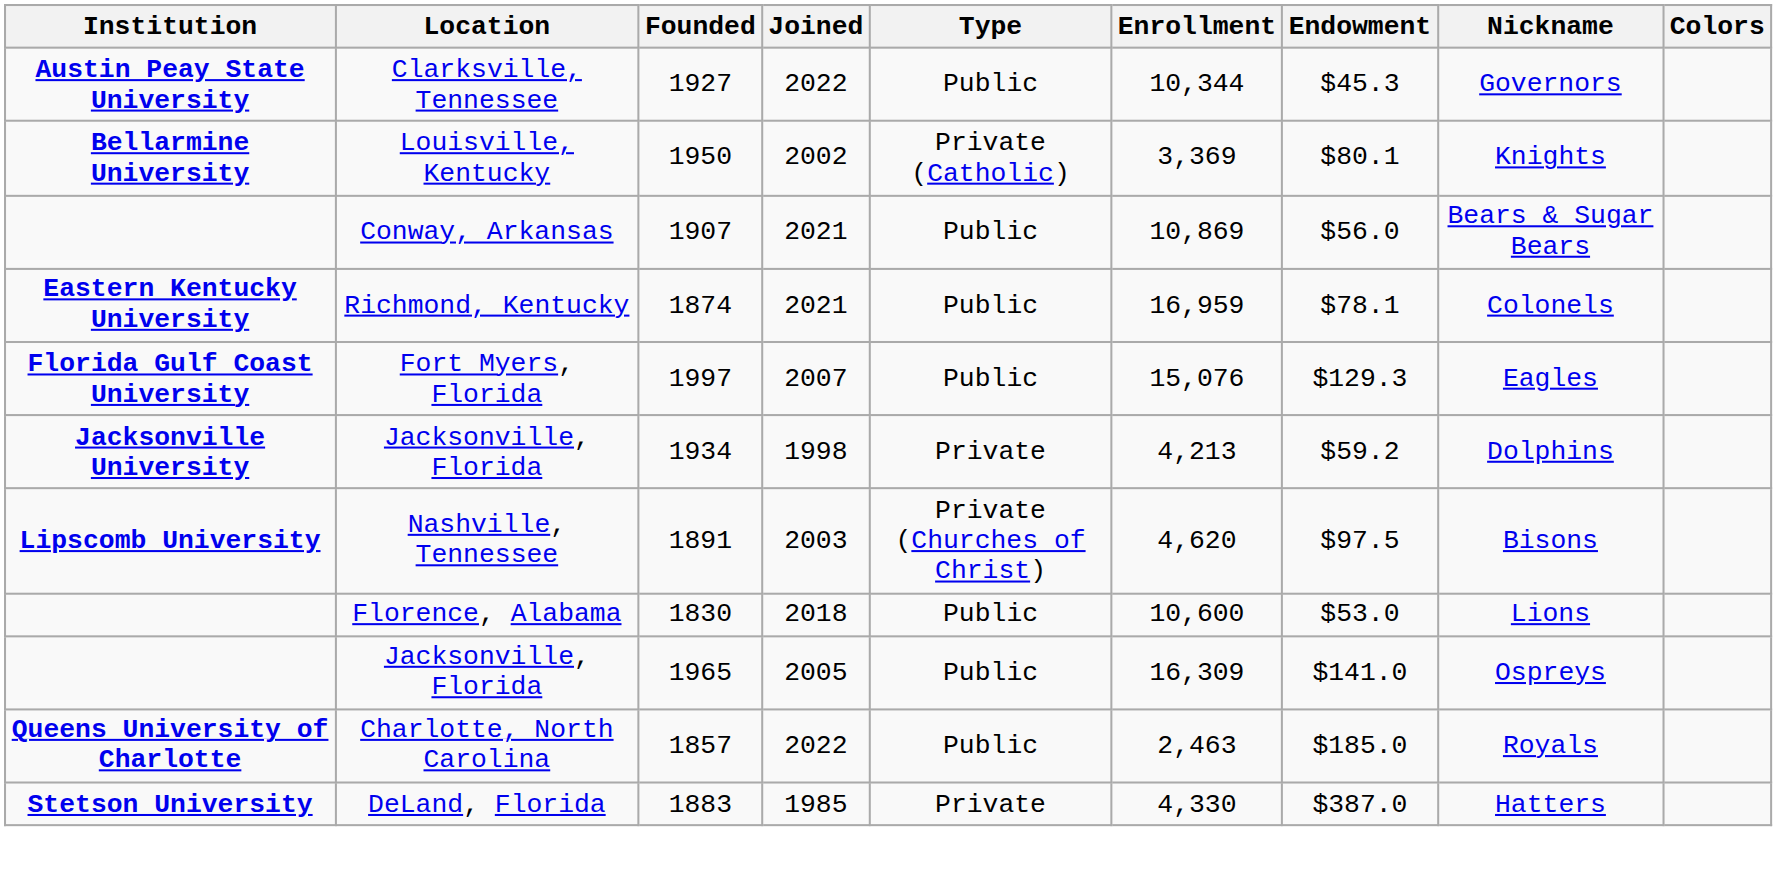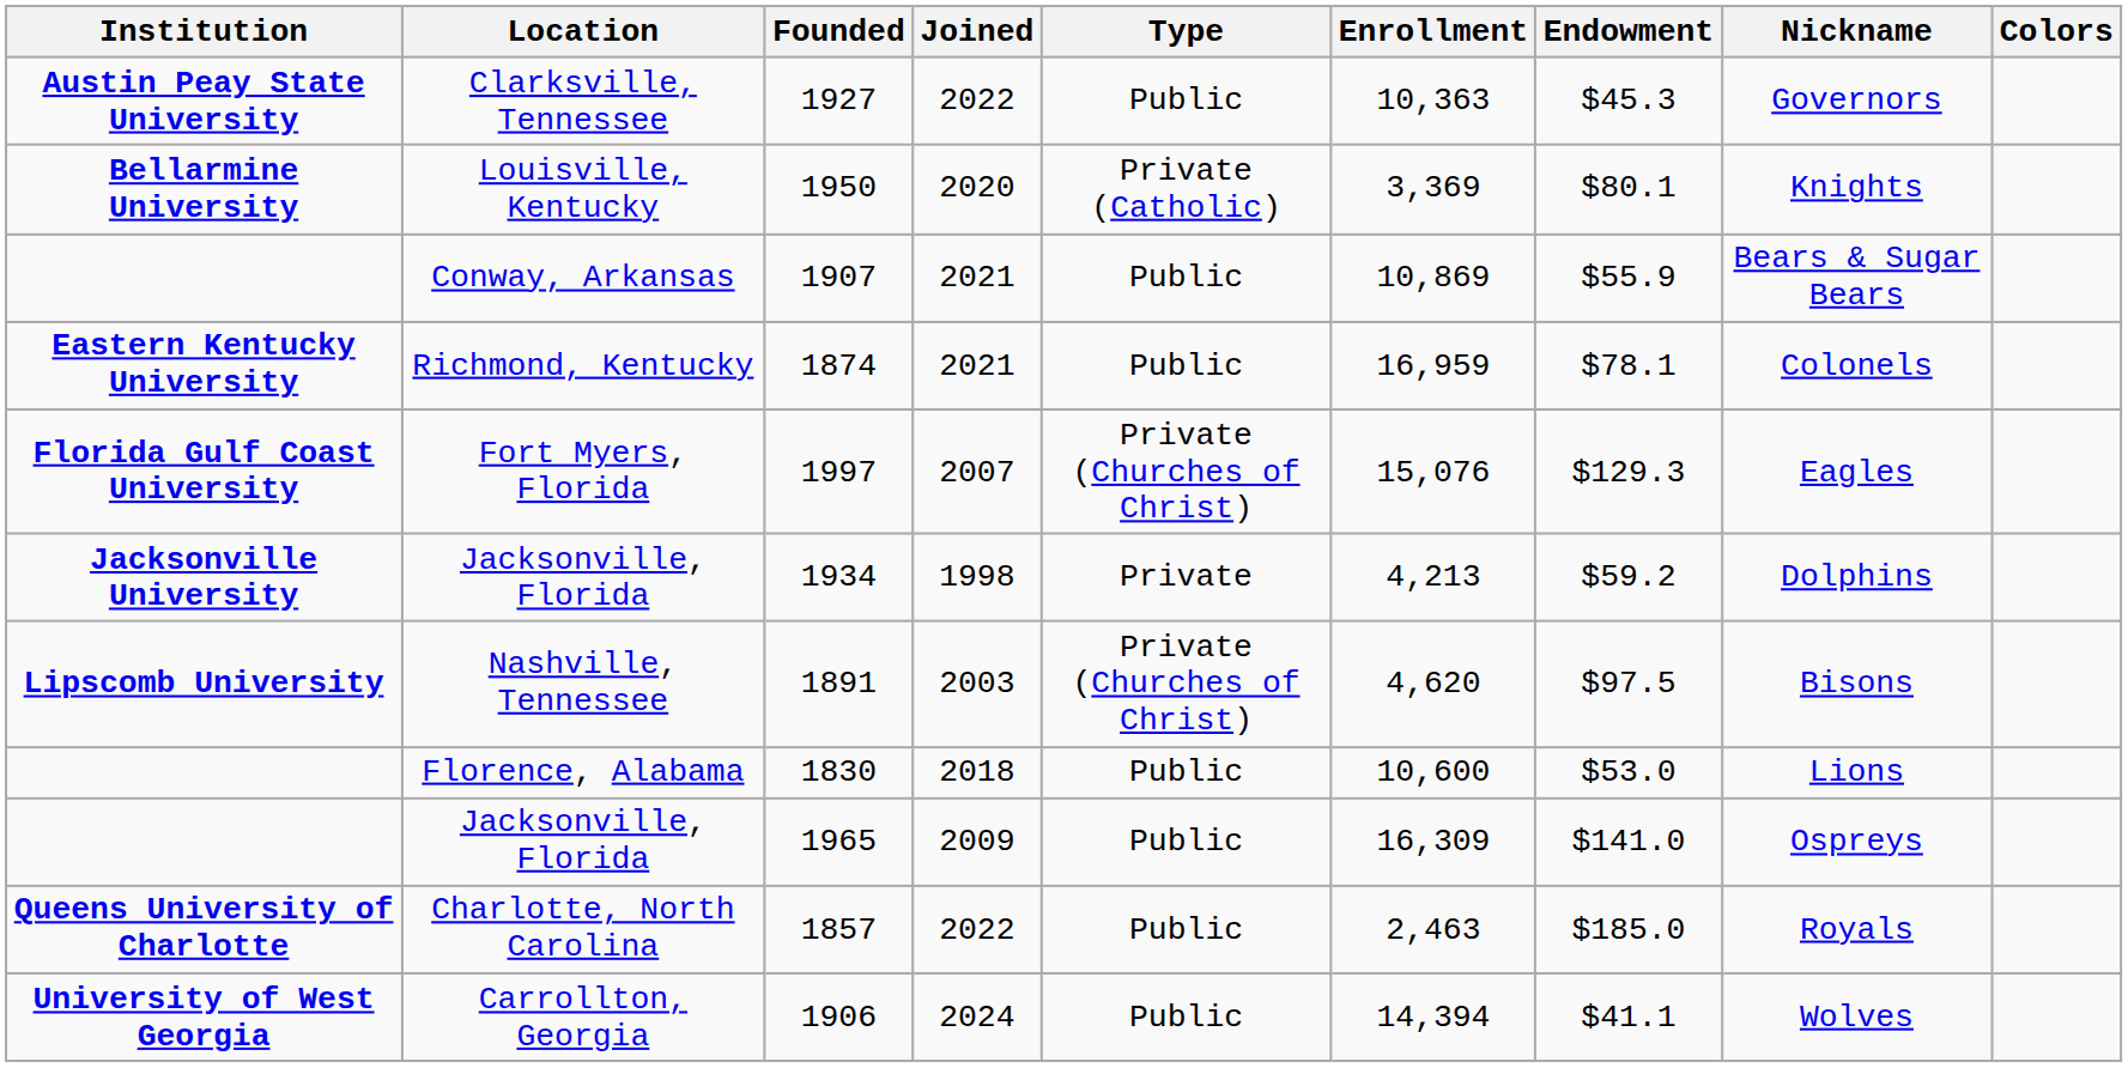 <table class="wikitable sortable" style="text-align:center; font-size: %">
 <tr>
 <th width=px>Institution</th>
 <th width=px>Location</th>
 <th width=px>Founded</th>
 <th width=px>Joined</th>
 <th width=px>Type</th>
 <th width=px>Enrollment</th>
 <th width=px>Endowment</th>
 <th width=px>Nickname</th>
 <th width=px>Colors</th>
 </tr>
 <tr>
 <td><strong><a href='#'>Austin Peay State University</a></strong></td>
 <td><a href='#'>Clarksville, Tennessee</a></td>
 <td>1927</td>
 <td>2022</td>
 <td>Public</td>
-<td>10,344</td>
+<td>10,363</td>
 <td>$45.3</td>
 <td><a href='#'>Governors</a></td>
 <td></td>
 </tr>
 <tr>
 <td><strong><a href='#'>Bellarmine University</a></strong></td>
 <td><a href='#'>Louisville, Kentucky</a></td>
 <td>1950</td>
-<td>2002</td>
+<td>2020</td>
 <td>Private<br>(<a href='#'>Catholic</a>)</td>
 <td>3,369</td>
 <td>$80.1</td>
 <td><a href='#'>Knights</a></td>
 <td></td>
 </tr>
 <tr>
 <td></td>
 <td><a href='#'>Conway, Arkansas</a></td>
 <td>1907</td>
 <td>2021</td>
 <td>Public</td>
 <td>10,869</td>
-<td>$56.0</td>
+<td>$55.9</td>
 <td><a href='#'>Bears & Sugar Bears</a></td>
 <td></td>
 </tr>
 <tr>
 <td><strong><a href='#'>Eastern Kentucky University</a></strong></td>
 <td><a href='#'>Richmond, Kentucky</a></td>
 <td>1874</td>
 <td>2021</td>
 <td>Public</td>
 <td>16,959</td>
 <td>$78.1</td>
 <td><a href='#'>Colonels</a></td>
 <td></td>
 </tr>
 <tr>
 <td><strong><a href='#'>Florida Gulf Coast University</a></strong></td>
 <td><a href='#'>Fort Myers</a>, <a href='#'>Florida</a></td>
 <td>1997</td>
 <td>2007</td>
-<td>Public</td>
+<td>Private<br>(<a href='#'>Churches of Christ</a>)</td>
 <td>15,076</td>
 <td>$129.3</td>
 <td><a href='#'>Eagles</a></td>
 <td></td>
 </tr>
 <tr>
 <td><strong><a href='#'>Jacksonville University</a></strong></td>
 <td><a href='#'>Jacksonville</a>, <a href='#'>Florida</a></td>
 <td>1934</td>
 <td>1998</td>
 <td>Private</td>
 <td>4,213</td>
 <td>$59.2</td>
 <td><a href='#'>Dolphins</a></td>
 <td></td>
 </tr>
 <tr>
 <td><strong><a href='#'>Lipscomb University</a></strong></td>
 <td><a href='#'>Nashville</a>, <a href='#'>Tennessee</a></td>
 <td>1891</td>
 <td>2003</td>
 <td>Private<br>(<a href='#'>Churches of Christ</a>)</td>
 <td>4,620</td>
 <td>$97.5</td>
 <td><a href='#'>Bisons</a></td>
 <td></td>
 </tr>
 <tr>
 <td></td>
 <td><a href='#'>Florence</a>, <a href='#'>Alabama</a></td>
 <td>1830</td>
 <td>2018</td>
 <td>Public</td>
 <td>10,600</td>
 <td>$53.0</td>
 <td><a href='#'>Lions</a></td>
 <td></td>
 </tr>
 <tr>
 <td></td>
 <td><a href='#'>Jacksonville</a>, <a href='#'>Florida</a></td>
 <td>1965</td>
-<td>2005</td>
+<td>2009</td>
 <td>Public</td>
 <td>16,309</td>
 <td>$141.0</td>
 <td><a href='#'>Ospreys</a></td>
 <td></td>
 </tr>
 <tr>
 <td><strong><a href='#'>Queens University of Charlotte</a></strong></td>
 <td><a href='#'>Charlotte, North Carolina</a></td>
 <td>1857</td>
 <td>2022</td>
 <td>Public</td>
 <td>2,463</td>
 <td>$185.0</td>
 <td><a href='#'>Royals</a></td>
 <td> </td>
 </tr>
 <tr>
-<td><strong><a href='#'>Stetson University</a></strong></td>
-<td><a href='#'>DeLand</a>, <a href='#'>Florida</a></td>
-<td>1883</td>
-<td>1985</td>
-<td>Private</td>
-<td>4,330</td>
-<td>$387.0</td>
-<td><a href='#'>Hatters</a></td>
+<td><strong><a href='#'>University of West Georgia</a></strong></td>
+<td><a href='#'>Carrollton, Georgia</a></td>
+<td>1906</td>
+<td>2024</td>
+<td>Public</td>
+<td>14,394</td>
+<td>$41.1</td>
+<td><a href='#'>Wolves</a></td>
 <td></td>
 </tr>
 </table>
